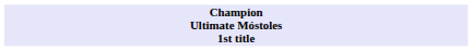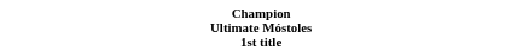 <table width="100%" cellspacing="0">
 <tr>
 <td align="center"></td>
 </tr>
 <tr>
-<td align="center" style="background: lavender;"><strong>Champion<br>Ultimate Móstoles<br>1st title</strong></td>
+<td align="center"><strong>Champion<br>Ultimate Móstoles<br>1st title</strong></td>
 </tr>
 </table>
